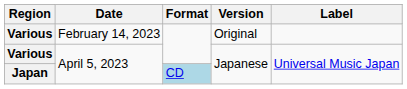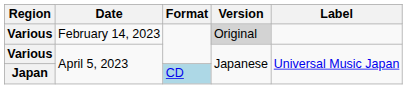 <table class="wikitable plainrowheaders">
 <tr>
 <th scope="col">Region</th>
 <th scope="col">Date</th>
 <th scope="col">Format</th>
 <th scope="col">Version</th>
 <th scope="col">Label</th>
 </tr>
 <tr>
 <th scope="row">Various </th>
 <td>February 14, 2023</td>
 <td rowspan="2"></td>
-<td>Original</td>
+<td style="background: lightgrey;">Original</td>
 <td></td>
 </tr>
 <tr>
 <th scope="row">Various </th>
 <td rowspan="2">April 5, 2023</td>
 <td rowspan="2">Japanese</td>
 <td rowspan="2"><a href='#'>Universal Music Japan</a></td>
 </tr>
 <tr>
 <th scope="row">Japan</th>
 <td style="background: lightblue;"><a href='#'>CD</a></td>
 </tr>
 </table>
